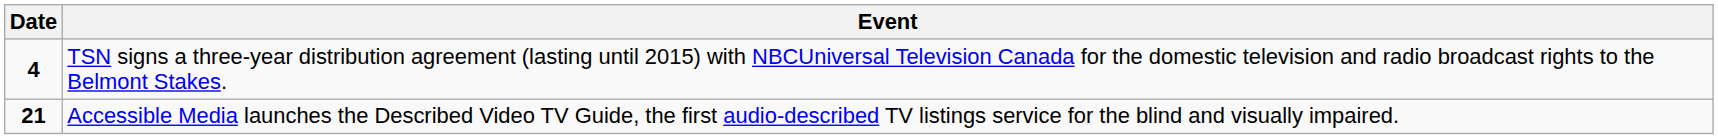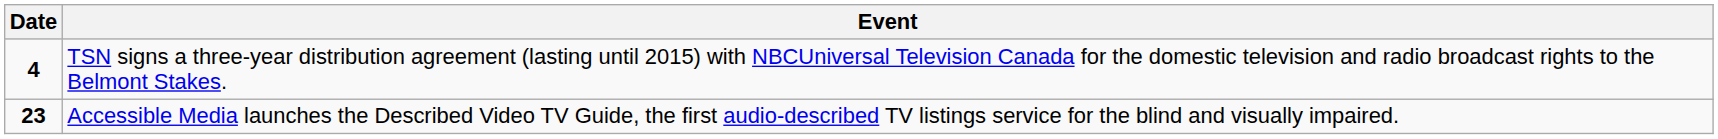 <table class="wikitable">
 <tr>
 <th>Date</th>
 <th>Event</th>
 </tr>
 <tr>
 <td style="text-align:center;"><strong>4</strong></td>
 <td><a href='#'>TSN</a> signs a three-year distribution agreement (lasting until 2015) with <a href='#'>NBCUniversal Television Canada</a> for the domestic television and radio broadcast rights to the <a href='#'>Belmont Stakes</a>.</td>
 </tr>
 <tr>
-<td style="text-align:center;"><strong>21</strong></td>
+<td style="text-align:center;"><strong>23</strong></td>
 <td><a href='#'>Accessible Media</a> launches the Described Video TV Guide, the first <a href='#'>audio-described</a> TV listings service for the blind and visually impaired.</td>
 </tr>
 </table>
